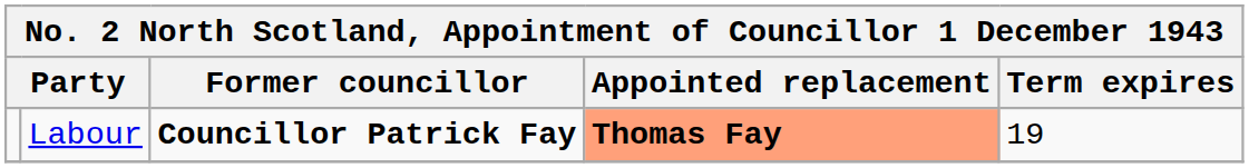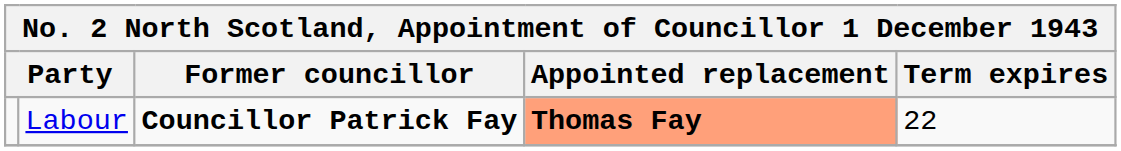 <table class="wikitable">
 <tr>
 <th colspan="5"><strong>No. 2 North Scotland, Appointment of Councillor 1 December 1943</strong></th>
 </tr>
 <tr>
 <th colspan="2">Party</th>
 <th>Former councillor</th>
 <th>Appointed replacement</th>
 <th>Term expires</th>
 </tr>
 <tr>
 <td style="background-color:"></td>
 <td><a href='#'>Labour</a></td>
 <td><strong>Councillor Patrick Fay</strong></td>
 <td style="background: lightsalmon;"><strong>Thomas Fay</strong></td>
-<td>19</td>
+<td>22</td>
 </tr>
 <tr>
 </tr>
 </table>
